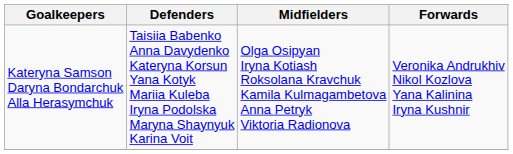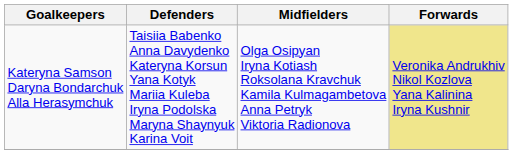 <table class="wikitable">
 <tr>
 <th>Goalkeepers</th>
 <th>Defenders</th>
 <th>Midfielders</th>
 <th>Forwards</th>
 </tr>
 <tr>
 <td> <a href='#'>Kateryna Samson</a> <br>  <a href='#'>Daryna Bondarchuk</a> <br>  <a href='#'>Alla Herasymchuk</a></td>
 <td> <a href='#'>Taisiia Babenko</a> <br>  <a href='#'>Anna Davydenko</a> <br>  <a href='#'>Kateryna Korsun</a> <br>  <a href='#'>Yana Kotyk</a> <br>  <a href='#'>Mariia Kuleba</a> <br>  <a href='#'>Iryna Podolska</a> <br>  <a href='#'>Maryna Shaynyuk</a> <br>  <a href='#'>Karina Voit</a></td>
 <td> <a href='#'>Olga Osipyan</a> <br>  <a href='#'>Iryna Kotiash</a> <br>  <a href='#'>Roksolana Kravchuk</a> <br>  <a href='#'>Kamila Kulmagambetova</a> <br>  <a href='#'>Anna Petryk</a> <br>  <a href='#'>Viktoria Radionova</a> <br></td>
-<td> <a href='#'>Veronika Andrukhiv</a> <br>  <a href='#'>Nikol Kozlova</a> <br>  <a href='#'>Yana Kalinina</a> <br>  <a href='#'>Iryna Kushnir</a> <br></td>
+<td style="background: khaki;"> <a href='#'>Veronika Andrukhiv</a> <br>  <a href='#'>Nikol Kozlova</a> <br>  <a href='#'>Yana Kalinina</a> <br>  <a href='#'>Iryna Kushnir</a> <br></td>
 </tr>
 <tr>
 </tr>
 </table>
